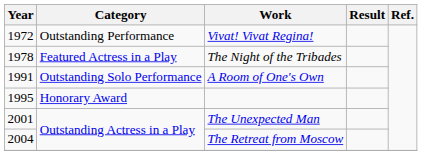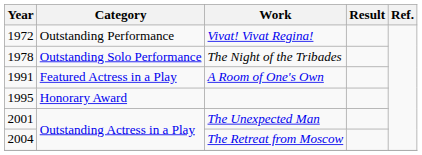 <table class="wikitable">
 <tr>
 <th>Year</th>
 <th>Category</th>
 <th>Work</th>
 <th>Result</th>
 <th>Ref.</th>
 </tr>
 <tr>
 <td>1972</td>
 <td>Outstanding Performance</td>
 <td><em><a href='#'>Vivat! Vivat Regina!</a></em></td>
 <td></td>
 <td rowspan=6></td>
 </tr>
 <tr>
 <td>1978</td>
-<td><a href='#'>Featured Actress in a Play</a></td>
+<td><a href='#'>Outstanding Solo Performance</a></td>
 <td><em>The Night of the Tribades</em></td>
 <td></td>
 </tr>
 <tr>
 <td>1991</td>
-<td><a href='#'>Outstanding Solo Performance</a></td>
+<td><a href='#'>Featured Actress in a Play</a></td>
 <td><em><a href='#'>A Room of One's Own</a></em></td>
 <td></td>
 </tr>
 <tr>
 <td>1995</td>
 <td><a href='#'>Honorary Award</a></td>
 <td></td>
 <td></td>
 </tr>
 <tr>
 <td>2001</td>
 <td rowspan=2><a href='#'>Outstanding Actress in a Play</a></td>
 <td><em><a href='#'>The Unexpected Man</a></em></td>
 <td></td>
 </tr>
 <tr>
 <td>2004</td>
 <td><em><a href='#'>The Retreat from Moscow</a></em></td>
 <td></td>
 </tr>
 <tr>
 </tr>
 </table>
